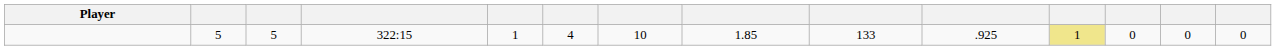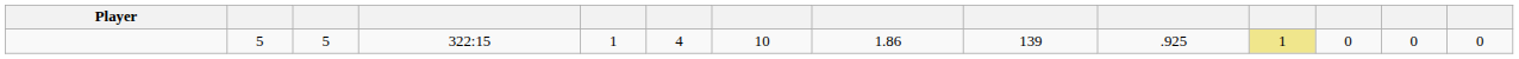 <table class="wikitable sortable" style="width:100%; text-align:center;">
 <tr>
 <th>Player</th>
 <th></th>
 <th></th>
 <th></th>
 <th></th>
 <th></th>
 <th></th>
 <th></th>
 <th></th>
 <th></th>
 <th></th>
 <th></th>
 <th></th>
 <th></th>
 </tr>
 <tr>
 <td style=white-space:nowrap></td>
 <td>5</td>
 <td>5</td>
 <td>322:15</td>
 <td>1</td>
 <td>4</td>
 <td>10</td>
-<td>1.85</td>
-<td>133</td>
+<td>1.86</td>
+<td>139</td>
 <td>.925</td>
 <td style="background: khaki;">1</td>
 <td>0</td>
 <td>0</td>
 <td>0</td>
 </tr>
 </table>
